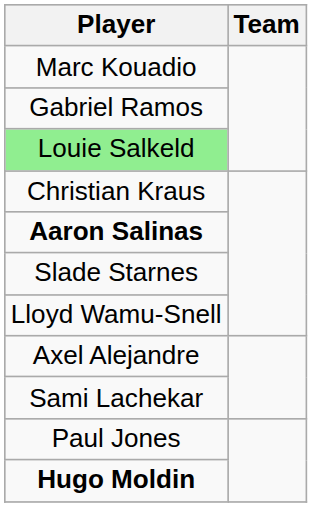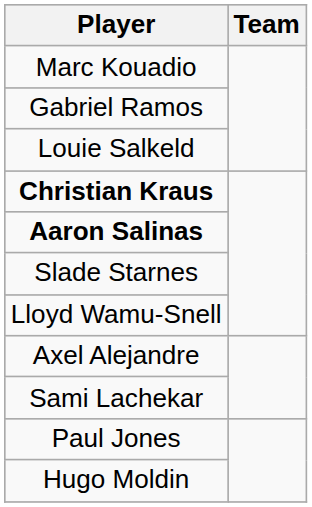 <table class="wikitable" style="text-align: center;">
 <tr>
 <th>Player</th>
 <th>Team</th>
 </tr>
 <tr>
 <td>Marc Kouadio</td>
 <td rowspan=3></td>
 </tr>
 <tr>
 <td>Gabriel Ramos</td>
 </tr>
 <tr>
-<td style="background: lightgreen;">Louie Salkeld</td>
+<td>Louie Salkeld</td>
 </tr>
 <tr>
-<td>Christian Kraus</td>
+<td><strong>Christian Kraus</strong></td>
 <td rowspan=4></td>
 </tr>
 <tr>
 <td><strong>Aaron Salinas</strong></td>
 </tr>
 <tr>
 <td>Slade Starnes</td>
 </tr>
 <tr>
 <td>Lloyd Wamu-Snell</td>
 </tr>
 <tr>
 <td>Axel Alejandre</td>
 <td rowspan=2></td>
 </tr>
 <tr>
 <td>Sami Lachekar</td>
 </tr>
 <tr>
 <td>Paul Jones</td>
 <td rowspan=2></td>
 </tr>
 <tr>
-<td><strong>Hugo Moldin</strong></td>
+<td>Hugo Moldin</td>
 </tr>
 </table>
